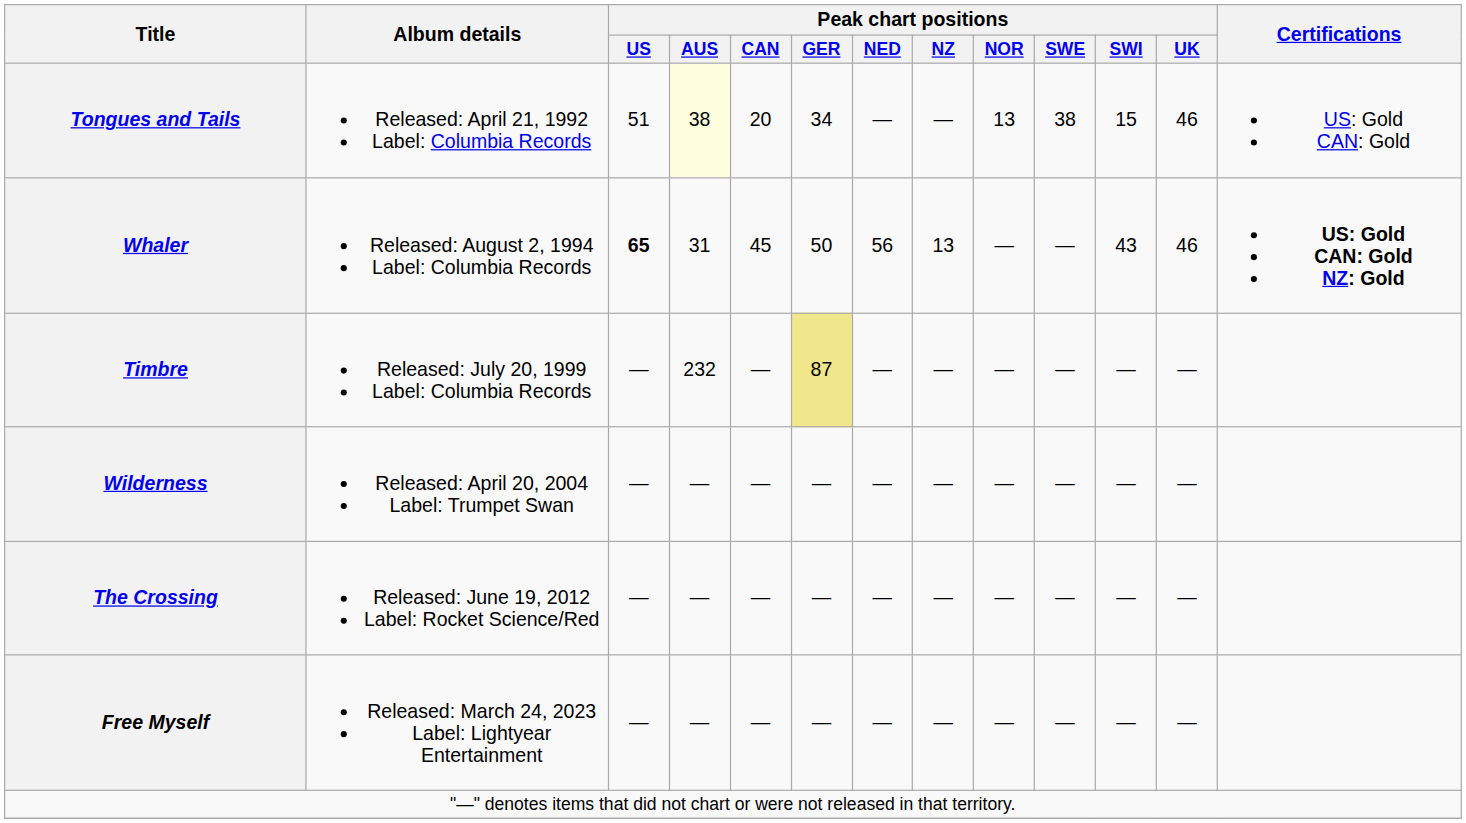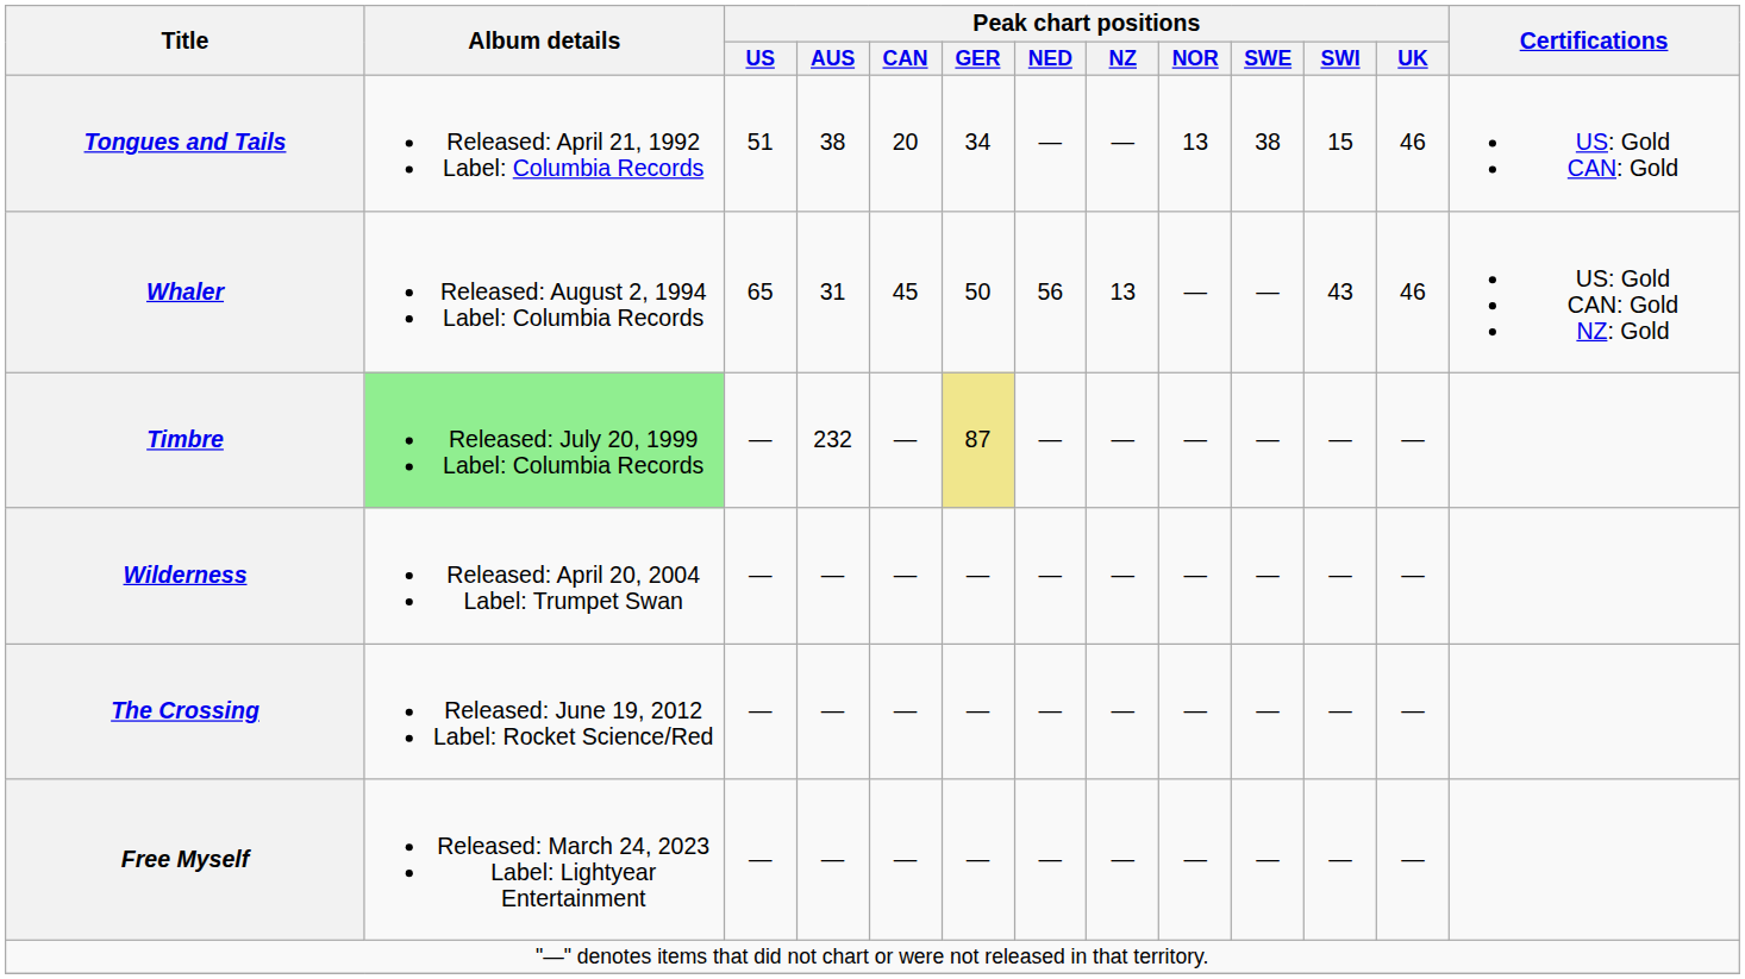 <table class="wikitable plainrowheaders" style="text-align:center;">
 <tr>
 <th scope="col" rowspan="2" style="width:15em;">Title</th>
 <th scope="col" rowspan="2" style="width:15em;">Album details</th>
 <th scope="col" colspan="10">Peak chart positions</th>
 <th rowspan="2" style="width:12em;"><a href='#'>Certifications</a></th>
 </tr>
 <tr>
 <th scope="col" style="width:3em;font-size:90%;"><a href='#'>US</a><br></th>
 <th scope="col" style="width:3em;font-size:90%;"><a href='#'>AUS</a><br></th>
 <th scope="col" style="width:3em;font-size:90%;"><a href='#'>CAN</a><br> </th>
 <th scope="col" style="width:3em;font-size:90%;"><a href='#'>GER</a><br></th>
 <th scope="col" style="width:3em;font-size:90%;"><a href='#'>NED</a><br></th>
 <th scope="col" style="width:3em;font-size:90%;"><a href='#'>NZ</a><br></th>
 <th scope="col" style="width:3em;font-size:90%;"><a href='#'>NOR</a><br></th>
 <th scope="col" style="width:3em;font-size:90%;"><a href='#'>SWE</a><br></th>
 <th scope="col" style="width:3em;font-size:90%;"><a href='#'>SWI</a><br></th>
 <th scope="col" style="width:3em;font-size:90%;"><a href='#'>UK</a><br></th>
 </tr>
 <tr>
 <th scope="row"><em><a href='#'>Tongues and Tails</a></em></th>
 <td><br><ul><li>Released: April 21, 1992</li><li>Label: <a href='#'>Columbia Records</a></li></ul></td>
 <td>51</td>
-<td style="background: lightyellow;">38</td>
+<td>38</td>
 <td>20</td>
 <td>34</td>
 <td>—</td>
 <td>—</td>
 <td>13</td>
 <td>38</td>
 <td>15</td>
 <td>46</td>
 <td><br><ul><li><a href='#'>US</a>: Gold</li><li><a href='#'>CAN</a>: Gold</li></ul></td>
 </tr>
 <tr>
 <th scope="row"><em><a href='#'>Whaler</a></em></th>
 <td><br><ul><li>Released: August 2, 1994</li><li>Label: Columbia Records</li></ul></td>
-<td><strong>65</strong></td>
+<td>65</td>
 <td>31</td>
 <td>45</td>
 <td>50</td>
 <td>56</td>
 <td>13</td>
 <td>—</td>
 <td>—</td>
 <td>43</td>
 <td>46</td>
-<td><strong><br><ul><li>US: Gold</li><li>CAN: Gold</li><li><a href='#'>NZ</a>: Gold</li></ul></strong></td>
+<td><br><ul><li>US: Gold</li><li>CAN: Gold</li><li><a href='#'>NZ</a>: Gold</li></ul></td>
 </tr>
 <tr>
 <th scope="row"><em><a href='#'>Timbre</a></em></th>
-<td><br><ul><li>Released: July 20, 1999</li><li>Label: Columbia Records</li></ul></td>
+<td style="background: lightgreen;"><br><ul><li>Released: July 20, 1999</li><li>Label: Columbia Records</li></ul></td>
 <td>—</td>
 <td>232</td>
 <td>—</td>
 <td style="background: khaki;">87</td>
 <td>—</td>
 <td>—</td>
 <td>—</td>
 <td>—</td>
 <td>—</td>
 <td>—</td>
 <td></td>
 </tr>
 <tr>
 <th scope="row"><em><a href='#'>Wilderness</a></em></th>
 <td><br><ul><li>Released: April 20, 2004</li><li>Label: Trumpet Swan</li></ul></td>
 <td>—</td>
 <td>—</td>
 <td>—</td>
 <td>—</td>
 <td>—</td>
 <td>—</td>
 <td>—</td>
 <td>—</td>
 <td>—</td>
 <td>—</td>
 <td></td>
 </tr>
 <tr>
 <th scope="row"><em><a href='#'>The Crossing</a></em></th>
 <td><br><ul><li>Released: June 19, 2012</li><li>Label: Rocket Science/Red</li></ul></td>
 <td>—</td>
 <td>—</td>
 <td>—</td>
 <td>—</td>
 <td>—</td>
 <td>—</td>
 <td>—</td>
 <td>—</td>
 <td>—</td>
 <td>—</td>
 <td></td>
 </tr>
 <tr>
 <th scope="row"><em>Free Myself</em></th>
 <td><br><ul><li>Released: March 24, 2023</li><li>Label: Lightyear Entertainment</li></ul></td>
 <td>—</td>
 <td>—</td>
 <td>—</td>
 <td>—</td>
 <td>—</td>
 <td>—</td>
 <td>—</td>
 <td>—</td>
 <td>—</td>
 <td>—</td>
 <td></td>
 </tr>
 <tr>
 <td align="center" colspan="15" style="font-size:90%">"—" denotes items that did not chart or were not released in that territory.</td>
 </tr>
 <tr>
 </tr>
 </table>
